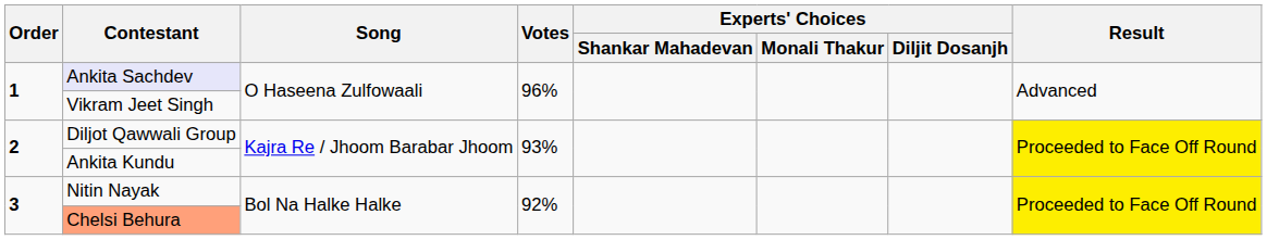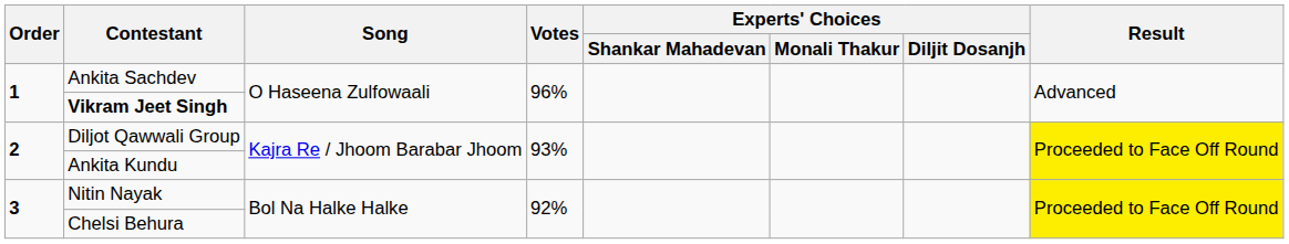 <table class="wikitable sortable mw-collapsible">
 <tr>
 <th rowspan="2">Order</th>
 <th rowspan="2">Contestant</th>
 <th rowspan="2">Song</th>
 <th rowspan="2">Votes</th>
 <th colspan="3">Experts' Choices</th>
 <th rowspan="2">Result</th>
 </tr>
 <tr>
 <th>Shankar Mahadevan</th>
 <th>Monali Thakur</th>
 <th>Diljit Dosanjh</th>
 </tr>
 <tr>
 <td rowspan="2"><strong>1</strong></td>
-<td style="background: lavender;">Ankita Sachdev</td>
+<td>Ankita Sachdev</td>
 <td rowspan="2">O Haseena Zulfowaali</td>
 <td rowspan="2">96%</td>
 <td rowspan="2"></td>
 <td rowspan="2"></td>
 <td rowspan="2"></td>
 <td rowspan="2">Advanced</td>
 </tr>
 <tr>
-<td>Vikram Jeet Singh</td>
+<td><strong>Vikram Jeet Singh</strong></td>
 </tr>
 <tr>
 <td rowspan="2"><strong>2</strong></td>
 <td>Diljot Qawwali Group</td>
 <td rowspan="2"><a href='#'>Kajra Re</a> / Jhoom Barabar Jhoom</td>
 <td rowspan="2">93%</td>
 <td rowspan="2"></td>
 <td rowspan="2"></td>
 <td rowspan="2"></td>
 <td rowspan="2" bgcolor="#FDEE00">Proceeded to Face Off Round</td>
 </tr>
 <tr>
 <td>Ankita Kundu</td>
 </tr>
 <tr>
 <td rowspan="2"><strong>3</strong></td>
 <td>Nitin Nayak</td>
 <td rowspan="2">Bol Na Halke Halke</td>
 <td rowspan="2">92%</td>
 <td rowspan="2"></td>
 <td rowspan="2"></td>
 <td rowspan="2"></td>
 <td rowspan="2" bgcolor="#FDEE00">Proceeded to Face Off Round</td>
 </tr>
 <tr>
-<td style="background: lightsalmon;">Chelsi Behura</td>
+<td>Chelsi Behura</td>
 </tr>
 </table>
